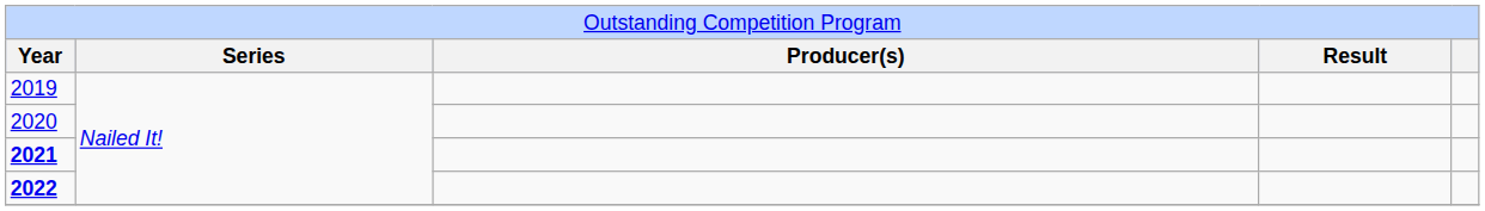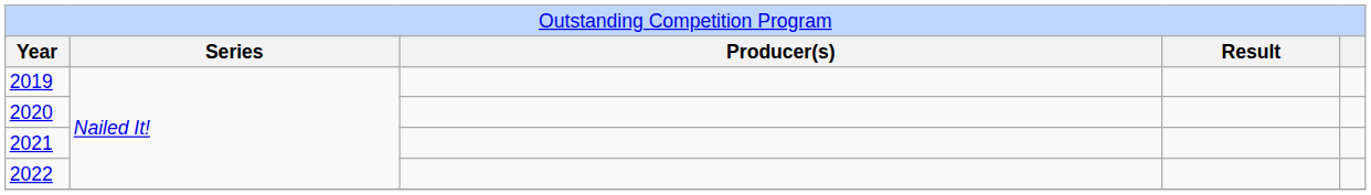 <table class="wikitable plainrowheaders" style="font-size: 90%" width=80%>
 <tr ---- bgcolor="#bfd7ff">
 <td colspan=6 align=center><a href='#'>Outstanding Competition Program</a></td>
 </tr>
 <tr ---- bgcolor="#bfd7ff">
 <th scope="col" style="width:1%;">Year</th>
 <th scope="col" style="width:13%;">Series</th>
 <th scope="col" style="width:30%;">Producer(s)</th>
 <th scope="col" style="width:7%;">Result</th>
 <th scope="col" style="width:1%;"></th>
 </tr>
 <tr>
 <td><a href='#'>2019</a></td>
 <td rowspan="4"><em><a href='#'>Nailed It!</a></em></td>
 <td></td>
 <td></td>
 <td></td>
 </tr>
 <tr>
 <td><a href='#'>2020</a></td>
 <td></td>
 <td></td>
 <td></td>
 </tr>
 <tr>
-<td><strong><a href='#'>2021</a></strong></td>
+<td><a href='#'>2021</a></td>
 <td></td>
 <td></td>
 <td></td>
 </tr>
 <tr>
-<td><strong><a href='#'>2022</a></strong></td>
+<td><a href='#'>2022</a></td>
 <td></td>
 <td></td>
 <td></td>
 </tr>
 <tr>
 </tr>
 </table>
